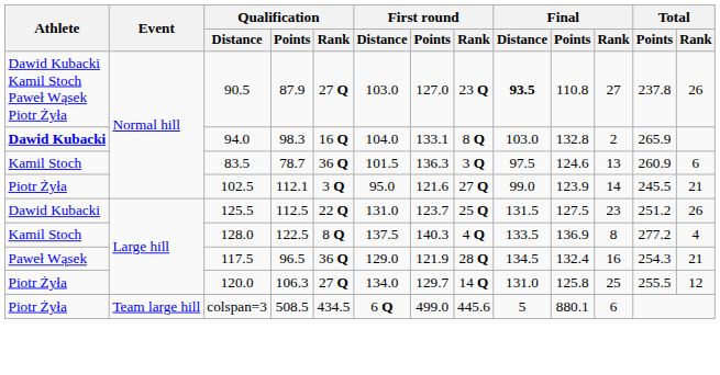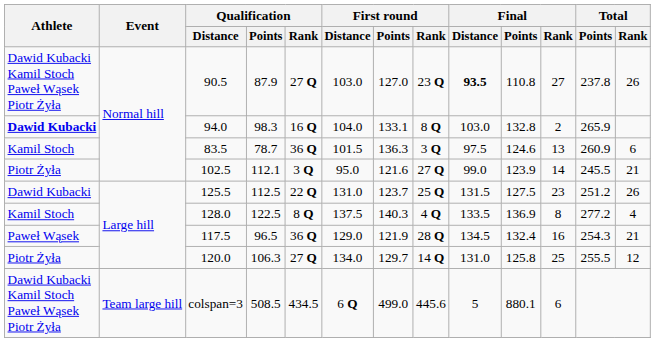 <table class="wikitable" style="font-size:90%; text-align:center">
 <tr>
 <th rowspan=2>Athlete</th>
 <th rowspan=2>Event</th>
 <th colspan=3>Qualification</th>
 <th colspan=3>First round</th>
 <th colspan=3>Final</th>
 <th colspan=2>Total</th>
 </tr>
 <tr style="font-size:95%">
 <th>Distance</th>
 <th>Points</th>
 <th>Rank</th>
 <th>Distance</th>
 <th>Points</th>
 <th>Rank</th>
 <th>Distance</th>
 <th>Points</th>
 <th>Rank</th>
 <th>Points</th>
 <th>Rank</th>
 </tr>
 <tr>
 <td align=left><a href='#'>Dawid Kubacki</a><br><a href='#'>Kamil Stoch</a><br><a href='#'>Paweł Wąsek</a><br><a href='#'>Piotr Żyła</a></td>
 <td align=left rowspan=4><a href='#'>Normal hill</a></td>
 <td>90.5</td>
 <td>87.9</td>
 <td>27 <strong>Q</strong></td>
 <td>103.0</td>
 <td>127.0</td>
 <td>23 <strong>Q</strong></td>
 <td><strong>93.5</strong></td>
 <td>110.8</td>
 <td>27</td>
 <td>237.8</td>
 <td>26</td>
 </tr>
 <tr>
 <td align=left><strong><a href='#'>Dawid Kubacki</a></strong></td>
 <td>94.0</td>
 <td>98.3</td>
 <td>16 <strong>Q</strong></td>
 <td>104.0</td>
 <td>133.1</td>
 <td>8 <strong>Q</strong></td>
 <td>103.0</td>
 <td>132.8</td>
 <td>2</td>
 <td>265.9</td>
 <td></td>
 </tr>
 <tr>
 <td align=left><a href='#'>Kamil Stoch</a></td>
 <td>83.5</td>
 <td>78.7</td>
 <td>36 <strong>Q</strong></td>
 <td>101.5</td>
 <td>136.3</td>
 <td>3 <strong>Q</strong></td>
 <td>97.5</td>
 <td>124.6</td>
 <td>13</td>
 <td>260.9</td>
 <td>6</td>
 </tr>
 <tr>
 <td align=left><a href='#'>Piotr Żyła</a></td>
 <td>102.5</td>
 <td>112.1</td>
 <td>3 <strong>Q</strong></td>
 <td>95.0</td>
 <td>121.6</td>
 <td>27 <strong>Q</strong></td>
 <td>99.0</td>
 <td>123.9</td>
 <td>14</td>
 <td>245.5</td>
 <td>21</td>
 </tr>
 <tr>
 <td align=left><a href='#'>Dawid Kubacki</a></td>
 <td align=left rowspan=4><a href='#'>Large hill</a></td>
 <td>125.5</td>
 <td>112.5</td>
 <td>22 <strong>Q</strong></td>
 <td>131.0</td>
 <td>123.7</td>
 <td>25 <strong>Q</strong></td>
 <td>131.5</td>
 <td>127.5</td>
 <td>23</td>
 <td>251.2</td>
 <td>26</td>
 </tr>
 <tr>
 <td align=left><a href='#'>Kamil Stoch</a></td>
 <td>128.0</td>
 <td>122.5</td>
 <td>8 <strong>Q</strong></td>
 <td>137.5</td>
 <td>140.3</td>
 <td>4 <strong>Q</strong></td>
 <td>133.5</td>
 <td>136.9</td>
 <td>8</td>
 <td>277.2</td>
 <td>4</td>
 </tr>
 <tr>
 <td align=left><a href='#'>Paweł Wąsek</a></td>
 <td>117.5</td>
 <td>96.5</td>
 <td>36 <strong>Q</strong></td>
 <td>129.0</td>
 <td>121.9</td>
 <td>28 <strong>Q</strong></td>
 <td>134.5</td>
 <td>132.4</td>
 <td>16</td>
 <td>254.3</td>
 <td>21</td>
 </tr>
 <tr>
 <td align=left><a href='#'>Piotr Żyła</a></td>
 <td>120.0</td>
 <td>106.3</td>
 <td>27 <strong>Q</strong></td>
 <td>134.0</td>
 <td>129.7</td>
 <td>14 <strong>Q</strong></td>
 <td>131.0</td>
 <td>125.8</td>
 <td>25</td>
 <td>255.5</td>
 <td>12</td>
 </tr>
 <tr>
-<td align=left><a href='#'>Piotr Żyła</a></td>
+<td align=left><a href='#'>Dawid Kubacki</a><br><a href='#'>Kamil Stoch</a><br><a href='#'>Paweł Wąsek</a><br><a href='#'>Piotr Żyła</a></td>
 <td align=left><a href='#'>Team large hill</a></td>
 <td>colspan=3 </td>
 <td>508.5</td>
 <td>434.5</td>
 <td>6 <strong>Q</strong></td>
 <td>499.0</td>
 <td>445.6</td>
 <td>5</td>
 <td>880.1</td>
 <td>6</td>
 </tr>
 </table>
